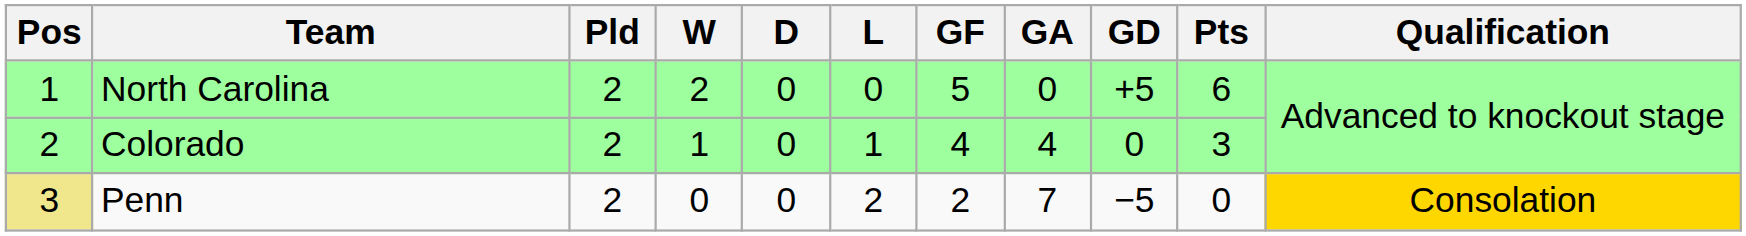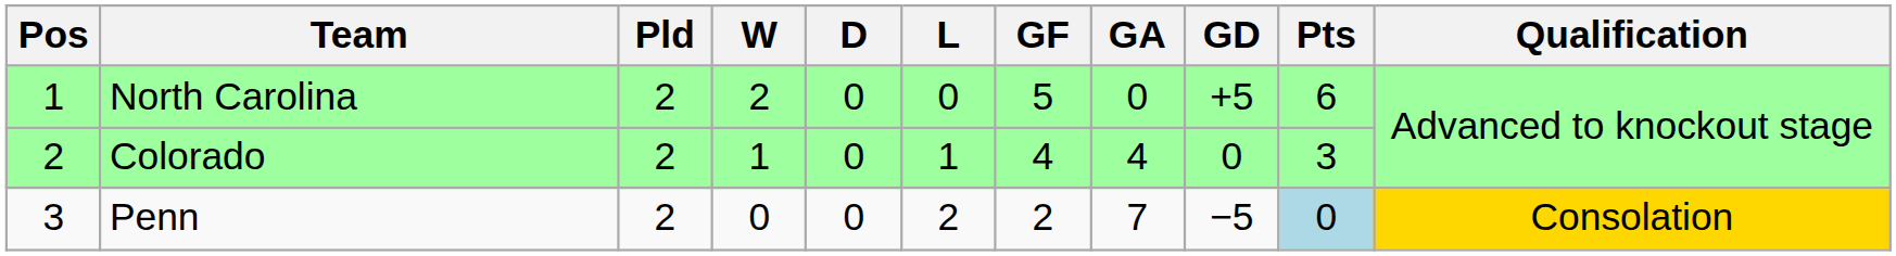 <table class="wikitable" style="text-align:center; margin: 1em auto">
 <tr>
 <th style="width:2em">Pos</th>
 <th style="width:13em">Team</th>
 <th style="width:2em">Pld</th>
 <th style="width:2em">W</th>
 <th style="width:2em">D</th>
 <th style="width:2em">L</th>
 <th style="width:2em">GF</th>
 <th style="width:2em">GA</th>
 <th style="width:2em">GD</th>
 <th style="width:2em">Pts</th>
 <th style="width:13em">Qualification</th>
 </tr>
 <tr bgcolor="#9eff9e">
 <td>1</td>
 <td style="text-align:left">North Carolina</td>
 <td>2</td>
 <td>2</td>
 <td>0</td>
 <td>0</td>
 <td>5</td>
 <td>0</td>
 <td>+5</td>
 <td>6</td>
 <td rowspan="2">Advanced to knockout stage</td>
 </tr>
 <tr bgcolor="#9eff9e">
 <td>2</td>
 <td style="text-align:left">Colorado</td>
 <td>2</td>
 <td>1</td>
 <td>0</td>
 <td>1</td>
 <td>4</td>
 <td>4</td>
 <td>0</td>
 <td>3</td>
 </tr>
 <tr>
-<td style="background: khaki;">3</td>
+<td>3</td>
 <td style="text-align:left">Penn</td>
 <td>2</td>
 <td>0</td>
 <td>0</td>
 <td>2</td>
 <td>2</td>
 <td>7</td>
 <td>−5</td>
-<td>0</td>
+<td style="background: lightblue;">0</td>
 <td style="background: gold;">Consolation</td>
 </tr>
 </table>
